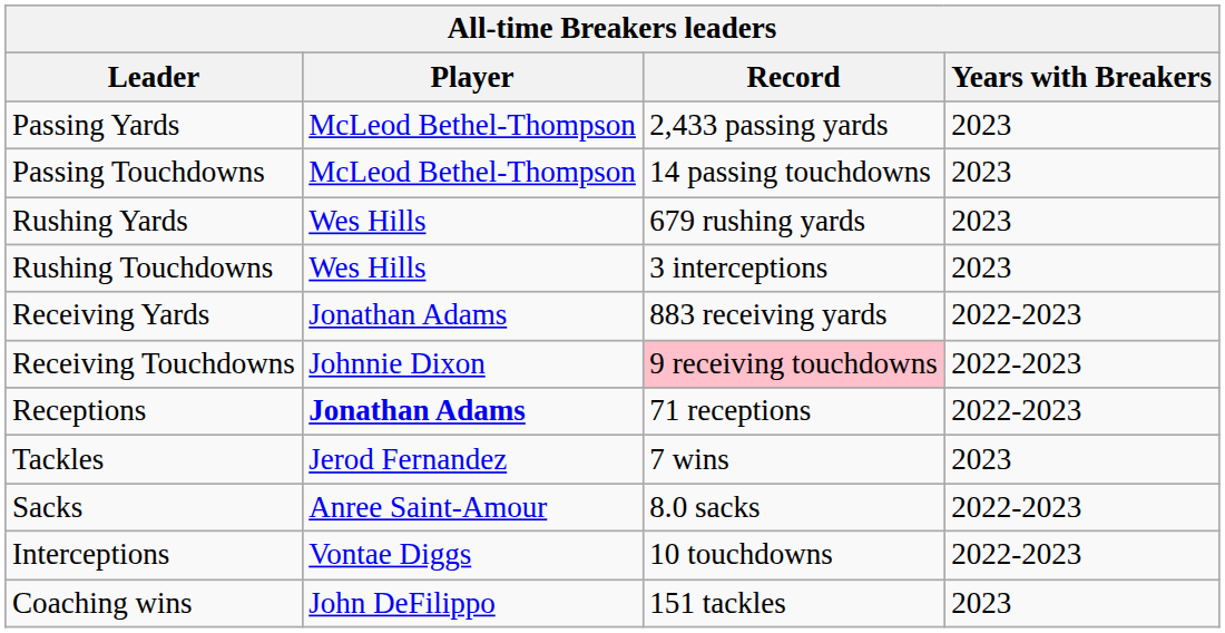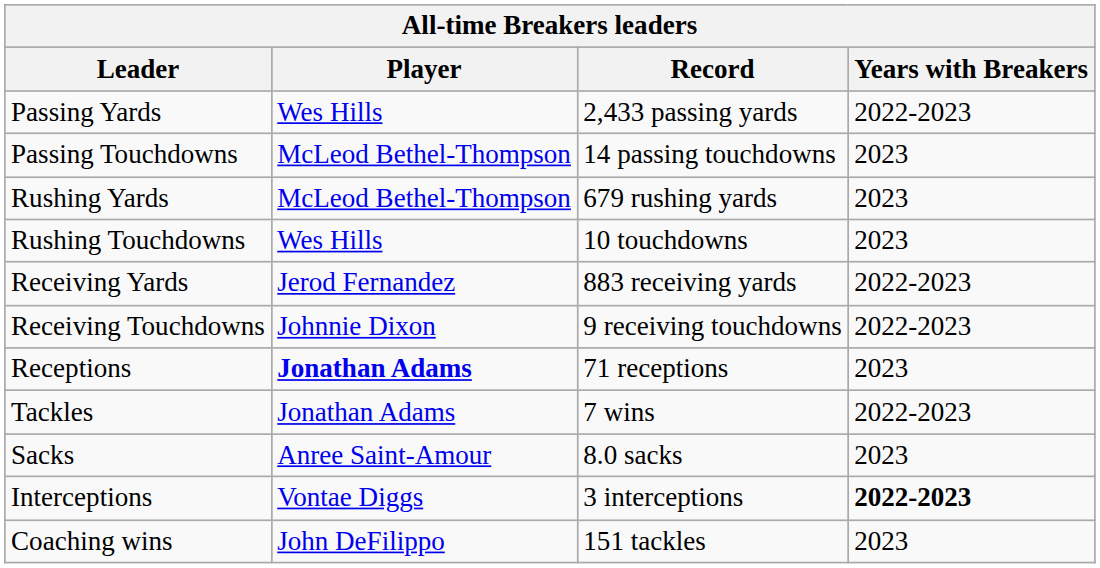 <table class="wikitable">
 <tr>
 <th colspan="5">All-time Breakers leaders</th>
 </tr>
 <tr>
 <th>Leader</th>
 <th>Player</th>
 <th>Record</th>
 <th>Years with Breakers</th>
 </tr>
 <tr>
 <td>Passing Yards</td>
-<td><a href='#'>McLeod Bethel-Thompson</a></td>
+<td><a href='#'>Wes Hills</a></td>
 <td>2,433 passing yards</td>
-<td>2023</td>
+<td>2022-2023</td>
 </tr>
 <tr>
 <td>Passing Touchdowns</td>
 <td><a href='#'>McLeod Bethel-Thompson</a></td>
 <td>14 passing touchdowns</td>
 <td>2023</td>
 </tr>
 <tr>
 <td>Rushing Yards</td>
-<td><a href='#'>Wes Hills</a></td>
+<td><a href='#'>McLeod Bethel-Thompson</a></td>
 <td>679 rushing yards</td>
 <td>2023</td>
 </tr>
 <tr>
 <td>Rushing Touchdowns</td>
 <td><a href='#'>Wes Hills</a></td>
-<td>3 interceptions</td>
+<td>10 touchdowns</td>
 <td>2023</td>
 </tr>
 <tr>
 <td>Receiving Yards</td>
-<td><a href='#'>Jonathan Adams</a></td>
+<td><a href='#'>Jerod Fernandez</a></td>
 <td>883 receiving yards</td>
 <td>2022-2023</td>
 </tr>
 <tr>
 <td>Receiving Touchdowns</td>
 <td><a href='#'>Johnnie Dixon</a></td>
-<td style="background: pink;">9 receiving touchdowns</td>
+<td>9 receiving touchdowns</td>
 <td>2022-2023</td>
 </tr>
 <tr>
 <td>Receptions</td>
 <td><strong><a href='#'>Jonathan Adams</a></strong></td>
 <td>71 receptions</td>
-<td>2022-2023</td>
+<td>2023</td>
 </tr>
 <tr>
 <td>Tackles</td>
-<td><a href='#'>Jerod Fernandez</a></td>
+<td><a href='#'>Jonathan Adams</a></td>
 <td>7 wins</td>
-<td>2023</td>
+<td>2022-2023</td>
 </tr>
 <tr>
 <td>Sacks</td>
 <td><a href='#'>Anree Saint-Amour</a></td>
 <td>8.0 sacks</td>
-<td>2022-2023</td>
+<td>2023</td>
 </tr>
 <tr>
 <td>Interceptions</td>
 <td><a href='#'>Vontae Diggs</a></td>
-<td>10 touchdowns</td>
-<td>2022-2023</td>
+<td>3 interceptions</td>
+<td><strong>2022-2023</strong></td>
 </tr>
 <tr>
 <td>Coaching wins</td>
 <td><a href='#'>John DeFilippo</a></td>
 <td>151 tackles</td>
 <td>2023</td>
 </tr>
 </table>
